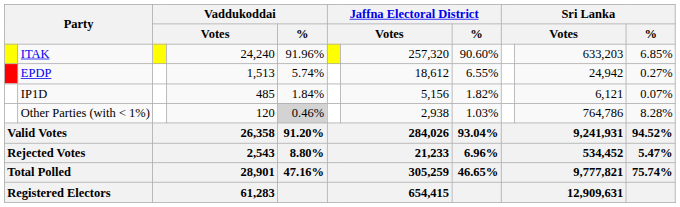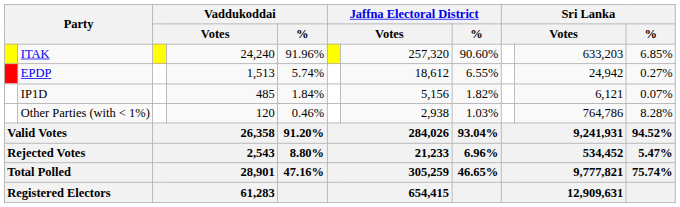 <table class="wikitable">
 <tr>
 <th colspan="2" width="144px"rowspan="2">Party</th>
 <th colspan="3" width="216px">Vaddukoddai</th>
 <th colspan="3" width="216px"><a href='#'>Jaffna Electoral District</a></th>
 <th colspan="3" width="216px">Sri Lanka</th>
 </tr>
 <tr>
 <th colspan="2" width="144px">Votes</th>
 <th>%</th>
 <th colspan="2" width="144px">Votes</th>
 <th>%</th>
 <th colspan="2" width="144px">Votes</th>
 <th>%</th>
 </tr>
 <tr>
 <td style="background-color:yellow;" width="10px"></td>
 <td style="text-align:left;"><a href='#'>ITAK</a></td>
 <td style="background-color:yellow;" width="10px"></td>
 <td style="text-align:right;">24,240</td>
 <td style="text-align:right;">91.96%</td>
 <td style="background-color:yellow;" width="10px"></td>
 <td style="text-align:right;">257,320</td>
 <td style="text-align:right;">90.60%</td>
 <td style="background-color:white;" width="10px"></td>
 <td style="text-align:right;">633,203</td>
 <td style="text-align:right;">6.85%</td>
 </tr>
 <tr>
 <td style="background-color:red;" width="10px"></td>
 <td style="text-align:left;"><a href='#'>EPDP</a></td>
 <td style="background-color:white;" width="10px"></td>
 <td style="text-align:right;">1,513</td>
 <td style="text-align:right;">5.74%</td>
 <td style="background-color:white;" width="10px"></td>
 <td style="text-align:right;">18,612</td>
 <td style="text-align:right;">6.55%</td>
 <td style="background-color:white;" width="10px"></td>
 <td style="text-align:right;">24,942</td>
 <td style="text-align:right;">0.27%</td>
 </tr>
 <tr>
 <td style="background-color:white;" width="10px"></td>
 <td style="text-align:left;">IP1D</td>
 <td style="background-color:white;" width="10px"></td>
 <td style="text-align:right;">485</td>
 <td style="text-align:right;">1.84%</td>
 <td style="background-color:white;" width="10px"></td>
 <td style="text-align:right;">5,156</td>
 <td style="text-align:right;">1.82%</td>
 <td style="background-color:white;" width="10px"></td>
 <td style="text-align:right;">6,121</td>
 <td style="text-align:right;">0.07%</td>
 </tr>
 <tr>
 <td style="background-color:white;" width="10px"></td>
 <td style="text-align:left;">Other Parties (with < 1%)</td>
 <td style="background-color:white;" width="10px"></td>
 <td style="text-align:right;">120</td>
-<td style="background: lightgrey; text-align:right;">0.46%</td>
+<td style="text-align:right;">0.46%</td>
 <td style="background-color:white;" width="10px"></td>
 <td style="text-align:right;">2,938</td>
 <td style="text-align:right;">1.03%</td>
 <td style="background-color:white;" width="10px"></td>
 <td style="text-align:right;">764,786</td>
 <td style="text-align:right;">8.28%</td>
 </tr>
 <tr>
 <th colspan="2" width="144px"style="text-align:left;">Valid Votes</th>
 <th style="text-align:right;"colspan="2" width="144px">26,358</th>
 <th style="text-align:right;">91.20%</th>
 <th style="text-align:right;"colspan="2" width="144px">284,026</th>
 <th style="text-align:right;">93.04%</th>
 <th style="text-align:right;"colspan="2" width="144px">9,241,931</th>
 <th style="text-align:right;">94.52%</th>
 </tr>
 <tr>
 <th colspan="2" width="144px"style="text-align:left;">Rejected Votes</th>
 <th style="text-align:right;"colspan="2" width="144px">2,543</th>
 <th style="text-align:right;">8.80%</th>
 <th style="text-align:right;"colspan="2" width="144px">21,233</th>
 <th style="text-align:right;">6.96%</th>
 <th style="text-align:right;"colspan="2" width="144px">534,452</th>
 <th style="text-align:right;">5.47%</th>
 </tr>
 <tr>
 <th colspan="2" width="144px"style="text-align:left;">Total Polled</th>
 <th style="text-align:right;"colspan="2" width="144px">28,901</th>
 <th style="text-align:right;">47.16%</th>
 <th style="text-align:right;"colspan="2" width="144px">305,259</th>
 <th style="text-align:right;">46.65%</th>
 <th style="text-align:right;"colspan="2" width="144px">9,777,821</th>
 <th style="text-align:right;">75.74%</th>
 </tr>
 <tr>
 <th colspan="2" width="144px"style="text-align:left;">Registered Electors</th>
 <th style="text-align:right;"colspan="2" width="144px">61,283</th>
 <th></th>
 <th style="text-align:right;"colspan="2" width="144px">654,415</th>
 <th></th>
 <th style="text-align:right;"colspan="2" width="144px">12,909,631</th>
 <th></th>
 </tr>
 </table>
